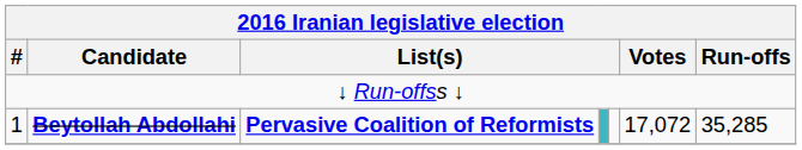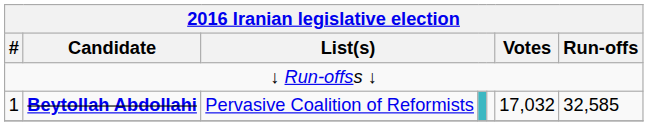 <table class=wikitable style=text-align:left>
 <tr>
 <th colspan="7" align=center><a href='#'>2016 Iranian legislative election</a></th>
 </tr>
 <tr>
 <th>#</th>
 <th>Candidate</th>
 <th colspan="3">List(s)</th>
 <th>Votes</th>
 <th>Run-offs</th>
 </tr>
 <tr>
 <td colspan="7" align=center>↓ <em><a href='#'>Run-offs</a>s</em> ↓</td>
 </tr>
 <tr>
 <td>1</td>
 <td><strong><s><a href='#'>Beytollah Abdollahi</a></s></strong></td>
-<td><strong><a href='#'>Pervasive Coalition of Reformists</a></strong></td>
+<td><a href='#'>Pervasive Coalition of Reformists</a></td>
 <td style="background:#3cb8c2"></td>
 <td></td>
-<td>17,072</td>
-<td>35,285</td>
+<td>17,032</td>
+<td>32,585</td>
 </tr>
 <tr>
 </tr>
 </table>
